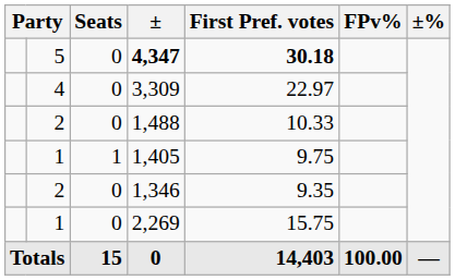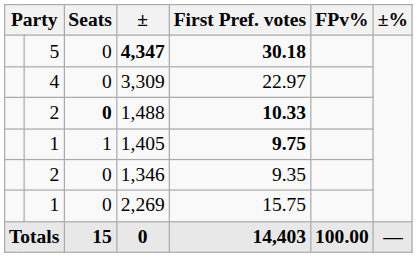 <table class=wikitable>
 <tr>
 <th colspan=2 align=center>Party</th>
 <th valign=top>Seats</th>
 <th valign=top>±</th>
 <th valign=top>First Pref. votes</th>
 <th valign=top>FPv%</th>
 <th valign=top>±%</th>
 </tr>
 <tr>
 <td></td>
 <td align=right>5</td>
 <td align=right>0</td>
 <td align=right><strong>4,347</strong></td>
 <td align=right><strong>30.18</strong></td>
 <td align=right></td>
 </tr>
 <tr>
 <td></td>
 <td align=right>4</td>
 <td align=right>0</td>
 <td align=right>3,309</td>
 <td align=right>22.97</td>
 <td align=right></td>
 </tr>
 <tr>
 <td></td>
 <td align=right>2</td>
-<td align=right>0</td>
+<td align=right><strong>0</strong></td>
 <td align=right>1,488</td>
-<td align=right>10.33</td>
+<td align=right><strong>10.33</strong></td>
 <td align=right></td>
 </tr>
 <tr>
 <td></td>
 <td align=right>1</td>
 <td align=right>1</td>
 <td align=right>1,405</td>
-<td align=right>9.75</td>
+<td align=right><strong>9.75</strong></td>
 <td align=right></td>
 </tr>
 <tr>
 <td></td>
 <td align=right>2</td>
 <td align=right>0</td>
 <td align=right>1,346</td>
 <td align=right>9.35</td>
 <td align=right></td>
 </tr>
 <tr>
 <td></td>
 <td align=right>1</td>
 <td align=right>0</td>
 <td align=right>2,269</td>
 <td align=right>15.75</td>
 <td align=right></td>
 </tr>
 <tr style="font-weight:bold; background:rgb(232,232,232);">
 <td colspan=2 align=center>Totals</td>
 <td align=right>15</td>
 <td align=center>0</td>
 <td align=right>14,403</td>
 <td align=center>100.00</td>
 <td align=center>—</td>
 </tr>
 </table>
